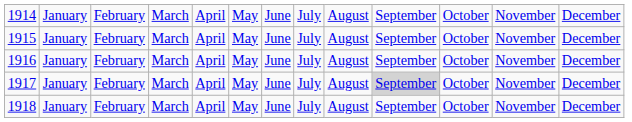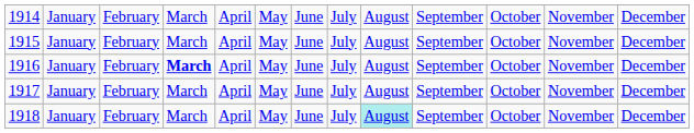 <table class="wikitable">
 <tr>
 <td><a href='#'>1914</a></td>
 <td><a href='#'>January</a></td>
 <td><a href='#'>February</a></td>
 <td><a href='#'>March</a></td>
 <td><a href='#'>April</a></td>
 <td><a href='#'>May</a></td>
 <td><a href='#'>June</a></td>
 <td><a href='#'>July</a></td>
 <td><a href='#'>August</a></td>
 <td><a href='#'>September</a></td>
 <td><a href='#'>October</a></td>
 <td><a href='#'>November</a></td>
 <td><a href='#'>December</a></td>
 </tr>
 <tr>
 <td><a href='#'>1915</a></td>
 <td><a href='#'>January</a></td>
 <td><a href='#'>February</a></td>
 <td><a href='#'>March</a></td>
 <td><a href='#'>April</a></td>
 <td><a href='#'>May</a></td>
 <td><a href='#'>June</a></td>
 <td><a href='#'>July</a></td>
 <td><a href='#'>August</a></td>
 <td><a href='#'>September</a></td>
 <td><a href='#'>October</a></td>
 <td><a href='#'>November</a></td>
 <td><a href='#'>December</a></td>
 </tr>
 <tr>
 <td><a href='#'>1916</a></td>
 <td><a href='#'>January</a></td>
 <td><a href='#'>February</a></td>
-<td><a href='#'>March</a></td>
+<td><strong><a href='#'>March</a></strong></td>
 <td><a href='#'>April</a></td>
 <td><a href='#'>May</a></td>
 <td><a href='#'>June</a></td>
 <td><a href='#'>July</a></td>
 <td><a href='#'>August</a></td>
 <td><a href='#'>September</a></td>
 <td><a href='#'>October</a></td>
 <td><a href='#'>November</a></td>
 <td><a href='#'>December</a></td>
 </tr>
 <tr>
 <td><a href='#'>1917</a></td>
 <td><a href='#'>January</a></td>
 <td><a href='#'>February</a></td>
 <td><a href='#'>March</a></td>
 <td><a href='#'>April</a></td>
 <td><a href='#'>May</a></td>
 <td><a href='#'>June</a></td>
 <td><a href='#'>July</a></td>
 <td><a href='#'>August</a></td>
-<td style="background: lightgrey;"><a href='#'>September</a></td>
+<td><a href='#'>September</a></td>
 <td><a href='#'>October</a></td>
 <td><a href='#'>November</a></td>
 <td><a href='#'>December</a></td>
 </tr>
 <tr>
 <td><a href='#'>1918</a></td>
 <td><a href='#'>January</a></td>
 <td><a href='#'>February</a></td>
 <td><a href='#'>March</a></td>
 <td><a href='#'>April</a></td>
 <td><a href='#'>May</a></td>
 <td><a href='#'>June</a></td>
 <td><a href='#'>July</a></td>
-<td><a href='#'>August</a></td>
+<td style="background: paleturquoise;"><a href='#'>August</a></td>
 <td><a href='#'>September</a></td>
 <td><a href='#'>October</a></td>
 <td><a href='#'>November</a></td>
 <td><a href='#'>December</a></td>
 </tr>
 </table>
